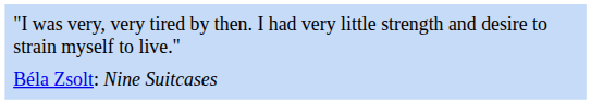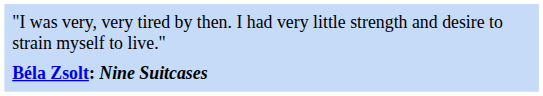 <table class="toccolours" style="float: right; margin-left: 1em; margin-right: 0em; font-size: 85%; background:#c6dbf7; color:black; width:30em; max-width: 40%;" cellspacing="5">
 <tr>
 <td style="text-align: left;">"I was very, very tired by then. I had very little strength and desire to strain myself to live."</td>
 </tr>
 <tr>
-<td style="text-align: left;"><a href='#'>Béla Zsolt</a>: <em>Nine Suitcases</em></td>
+<td style="text-align: left;"><strong><a href='#'>Béla Zsolt</a>: <em>Nine Suitcases</em></strong></td>
 </tr>
 </table>
